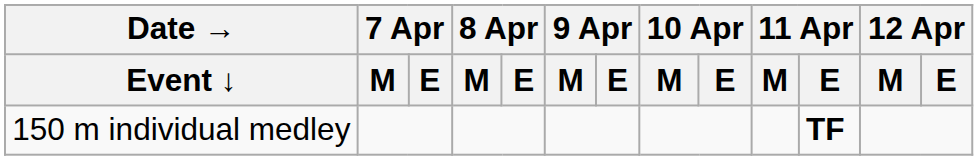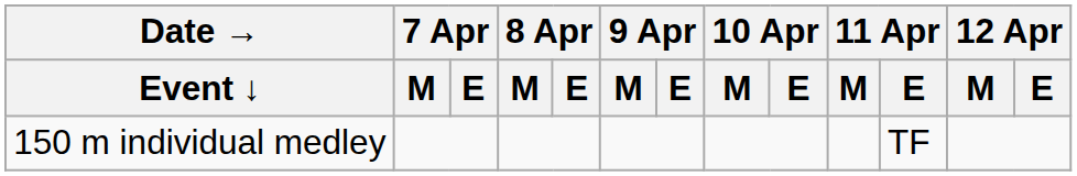 <table class="wikitable swimming-schedule floatleft">
 <tr>
 <th>Date →</th>
 <th colspan=2>7 Apr</th>
 <th colspan=2>8 Apr</th>
 <th colspan=2>9 Apr</th>
 <th colspan=2>10 Apr</th>
 <th colspan=2>11 Apr</th>
 <th colspan=2>12 Apr</th>
 </tr>
 <tr>
 <th>Event ↓</th>
 <th>M</th>
 <th>E</th>
 <th>M</th>
 <th>E</th>
 <th>M</th>
 <th>E</th>
 <th>M</th>
 <th>E</th>
 <th>M</th>
 <th>E</th>
 <th>M</th>
 <th>E</th>
 </tr>
 <tr>
 <td class=event>150 m individual medley</td>
 <td colspan=2></td>
 <td colspan=2></td>
 <td colspan=2></td>
 <td colspan=2></td>
 <td></td>
-<td class=timed-final><strong>TF</strong></td>
+<td class=timed-final>TF</td>
 <td colspan=2></td>
 </tr>
 </table>
